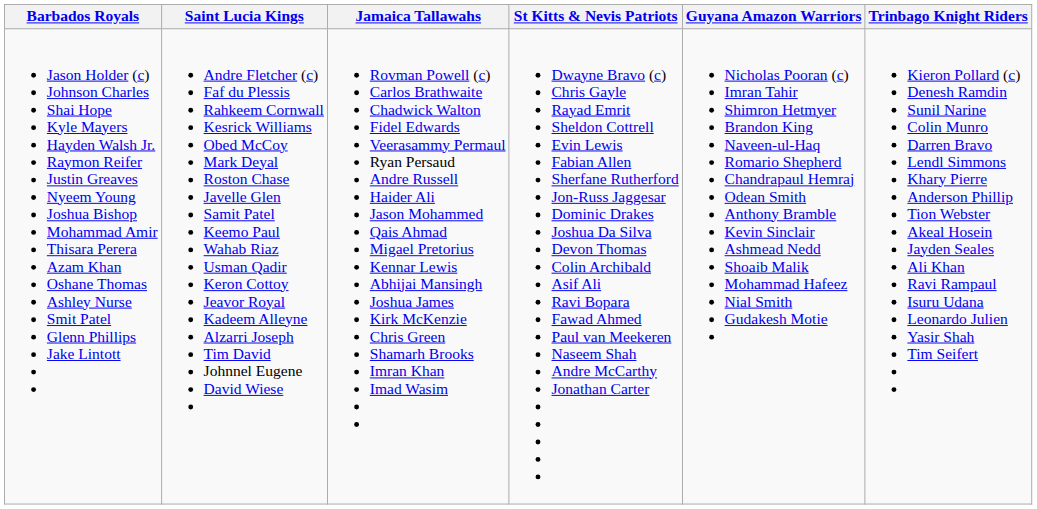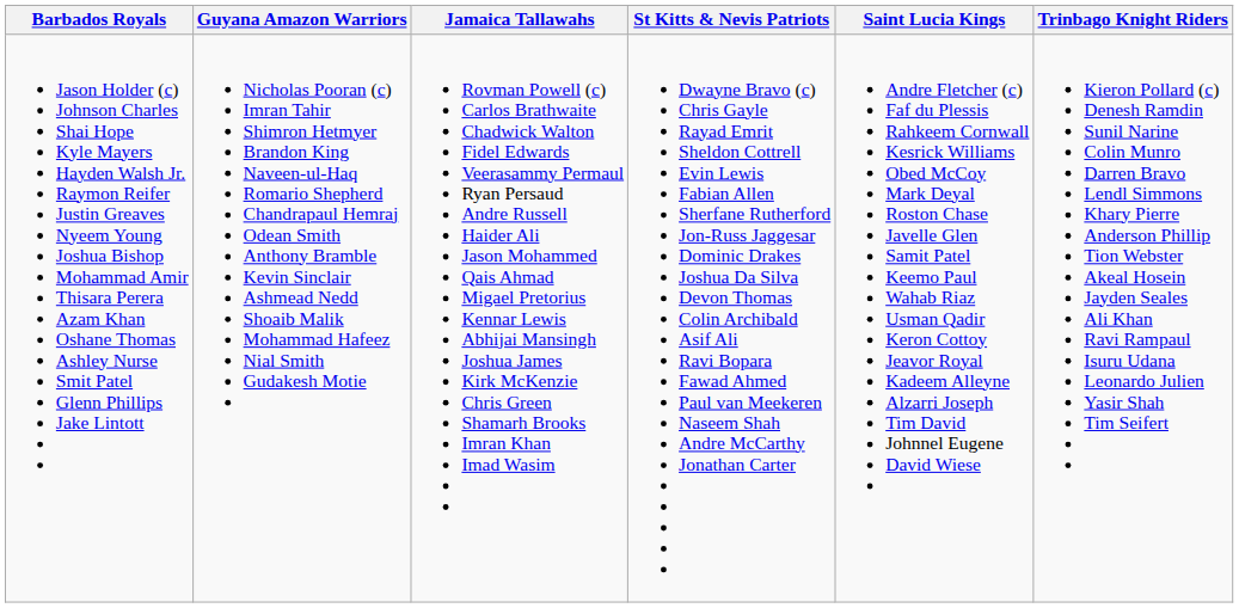 <table class="wikitable">
 <tr>
 <th><a href='#'>Barbados Royals</a></th>
-<th><a href='#'>Saint Lucia Kings</a></th>
+<th><a href='#'>Guyana Amazon Warriors</a></th>
 <th><a href='#'>Jamaica Tallawahs</a></th>
 <th><a href='#'>St Kitts & Nevis Patriots</a></th>
-<th><a href='#'>Guyana Amazon Warriors</a></th>
+<th><a href='#'>Saint Lucia Kings</a></th>
 <th><a href='#'>Trinbago Knight Riders</a></th>
 </tr>
 <tr style="vertical-align:top">
 <td><br><ul><li><a href='#'>Jason Holder</a> (<a href='#'>c</a>)</li><li><a href='#'>Johnson Charles</a></li><li><a href='#'>Shai Hope</a></li><li><a href='#'>Kyle Mayers</a></li><li><a href='#'>Hayden Walsh Jr.</a></li><li><a href='#'>Raymon Reifer</a></li><li><a href='#'>Justin Greaves</a></li><li><a href='#'>Nyeem Young</a></li><li><a href='#'>Joshua Bishop</a></li><li><a href='#'>Mohammad Amir</a></li><li><a href='#'>Thisara Perera</a></li><li><a href='#'>Azam Khan</a></li><li><a href='#'>Oshane Thomas</a></li><li><a href='#'>Ashley Nurse</a></li><li><a href='#'>Smit Patel</a></li><li><a href='#'>Glenn Phillips</a></li><li><a href='#'>Jake Lintott</a></li><li></li><li></li></ul></td>
-<td><br><ul><li><a href='#'>Andre Fletcher</a> (<a href='#'>c</a>)</li><li><a href='#'>Faf du Plessis</a></li><li><a href='#'>Rahkeem Cornwall</a></li><li><a href='#'>Kesrick Williams</a></li><li><a href='#'>Obed McCoy</a></li><li><a href='#'>Mark Deyal</a></li><li><a href='#'>Roston Chase</a></li><li><a href='#'>Javelle Glen</a></li><li><a href='#'>Samit Patel</a></li><li><a href='#'>Keemo Paul</a></li><li><a href='#'>Wahab Riaz</a></li><li><a href='#'>Usman Qadir</a></li><li><a href='#'>Keron Cottoy</a></li><li><a href='#'>Jeavor Royal</a></li><li><a href='#'>Kadeem Alleyne</a></li><li><a href='#'>Alzarri Joseph</a></li><li><a href='#'>Tim David</a></li><li>Johnnel Eugene</li><li><a href='#'>David Wiese</a></li><li></li></ul></td>
+<td><br><ul><li><a href='#'>Nicholas Pooran</a> (<a href='#'>c</a>)</li><li><a href='#'>Imran Tahir</a></li><li><a href='#'>Shimron Hetmyer</a></li><li><a href='#'>Brandon King</a></li><li><a href='#'>Naveen-ul-Haq</a></li><li><a href='#'>Romario Shepherd</a></li><li><a href='#'>Chandrapaul Hemraj</a></li><li><a href='#'>Odean Smith</a></li><li><a href='#'>Anthony Bramble</a></li><li><a href='#'>Kevin Sinclair</a></li><li><a href='#'>Ashmead Nedd</a></li><li><a href='#'>Shoaib Malik</a></li><li><a href='#'>Mohammad Hafeez</a></li><li><a href='#'>Nial Smith</a></li><li><a href='#'>Gudakesh Motie</a></li><li></li></ul></td>
 <td><br><ul><li><a href='#'>Rovman Powell</a> (<a href='#'>c</a>)</li><li><a href='#'>Carlos Brathwaite</a></li><li><a href='#'>Chadwick Walton</a></li><li><a href='#'>Fidel Edwards</a></li><li><a href='#'>Veerasammy Permaul</a></li><li>Ryan Persaud</li><li><a href='#'>Andre Russell</a></li><li><a href='#'>Haider Ali</a></li><li><a href='#'>Jason Mohammed</a></li><li><a href='#'>Qais Ahmad</a></li><li><a href='#'>Migael Pretorius</a></li><li><a href='#'>Kennar Lewis</a></li><li><a href='#'>Abhijai Mansingh</a></li><li><a href='#'>Joshua James</a></li><li><a href='#'>Kirk McKenzie</a></li><li><a href='#'>Chris Green</a></li><li><a href='#'>Shamarh Brooks</a></li><li><a href='#'>Imran Khan</a></li><li><a href='#'>Imad Wasim</a></li><li></li><li></li></ul></td>
 <td><br><ul><li><a href='#'>Dwayne Bravo</a> (<a href='#'>c</a>)</li><li><a href='#'>Chris Gayle</a></li><li><a href='#'>Rayad Emrit</a></li><li><a href='#'>Sheldon Cottrell</a></li><li><a href='#'>Evin Lewis</a></li><li><a href='#'>Fabian Allen</a></li><li><a href='#'>Sherfane Rutherford</a></li><li><a href='#'>Jon-Russ Jaggesar</a></li><li><a href='#'>Dominic Drakes</a></li><li><a href='#'>Joshua Da Silva</a></li><li><a href='#'>Devon Thomas</a></li><li><a href='#'>Colin Archibald</a></li><li><a href='#'>Asif Ali</a></li><li><a href='#'>Ravi Bopara</a></li><li><a href='#'>Fawad Ahmed</a></li><li><a href='#'>Paul van Meekeren</a></li><li><a href='#'>Naseem Shah</a></li><li><a href='#'>Andre McCarthy</a></li><li><a href='#'>Jonathan Carter</a></li><li></li><li></li><li></li><li></li><li></li></ul></td>
-<td><br><ul><li><a href='#'>Nicholas Pooran</a> (<a href='#'>c</a>)</li><li><a href='#'>Imran Tahir</a></li><li><a href='#'>Shimron Hetmyer</a></li><li><a href='#'>Brandon King</a></li><li><a href='#'>Naveen-ul-Haq</a></li><li><a href='#'>Romario Shepherd</a></li><li><a href='#'>Chandrapaul Hemraj</a></li><li><a href='#'>Odean Smith</a></li><li><a href='#'>Anthony Bramble</a></li><li><a href='#'>Kevin Sinclair</a></li><li><a href='#'>Ashmead Nedd</a></li><li><a href='#'>Shoaib Malik</a></li><li><a href='#'>Mohammad Hafeez</a></li><li><a href='#'>Nial Smith</a></li><li><a href='#'>Gudakesh Motie</a></li><li></li></ul></td>
+<td><br><ul><li><a href='#'>Andre Fletcher</a> (<a href='#'>c</a>)</li><li><a href='#'>Faf du Plessis</a></li><li><a href='#'>Rahkeem Cornwall</a></li><li><a href='#'>Kesrick Williams</a></li><li><a href='#'>Obed McCoy</a></li><li><a href='#'>Mark Deyal</a></li><li><a href='#'>Roston Chase</a></li><li><a href='#'>Javelle Glen</a></li><li><a href='#'>Samit Patel</a></li><li><a href='#'>Keemo Paul</a></li><li><a href='#'>Wahab Riaz</a></li><li><a href='#'>Usman Qadir</a></li><li><a href='#'>Keron Cottoy</a></li><li><a href='#'>Jeavor Royal</a></li><li><a href='#'>Kadeem Alleyne</a></li><li><a href='#'>Alzarri Joseph</a></li><li><a href='#'>Tim David</a></li><li>Johnnel Eugene</li><li><a href='#'>David Wiese</a></li><li></li></ul></td>
 <td><br><ul><li><a href='#'>Kieron Pollard</a> (<a href='#'>c</a>)</li><li><a href='#'>Denesh Ramdin</a></li><li><a href='#'>Sunil Narine</a></li><li><a href='#'>Colin Munro</a></li><li><a href='#'>Darren Bravo</a></li><li><a href='#'>Lendl Simmons</a></li><li><a href='#'>Khary Pierre</a></li><li><a href='#'>Anderson Phillip</a></li><li><a href='#'>Tion Webster</a></li><li><a href='#'>Akeal Hosein</a></li><li><a href='#'>Jayden Seales</a></li><li><a href='#'>Ali Khan</a></li><li><a href='#'>Ravi Rampaul</a></li><li><a href='#'>Isuru Udana</a></li><li><a href='#'>Leonardo Julien</a></li><li><a href='#'>Yasir Shah</a></li><li><a href='#'>Tim Seifert</a></li><li></li><li></li></ul></td>
 </tr>
 </table>
